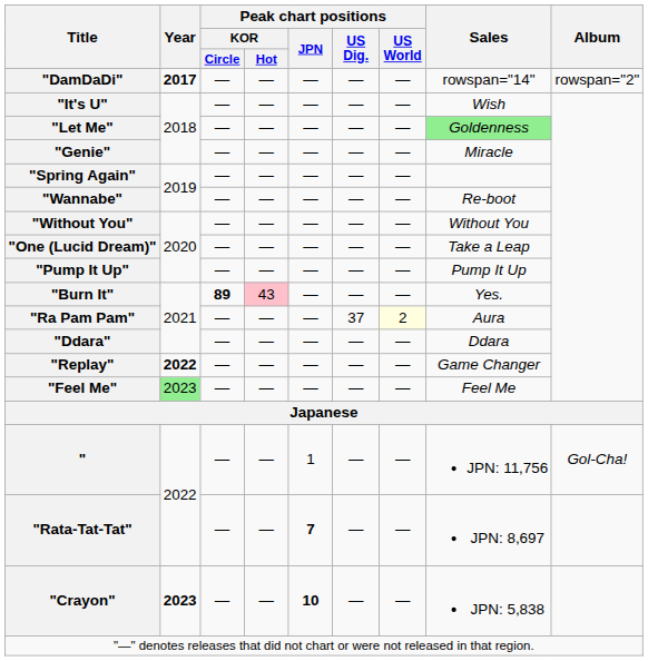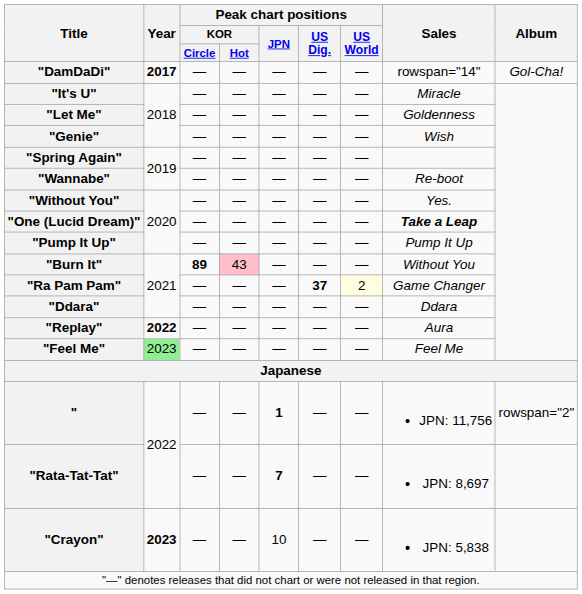 <table class="wikitable plainrowheaders" style="text-align:center">
 <tr>
 <th scope="col" rowspan="3">Title</th>
 <th scope="col" rowspan="3">Year</th>
 <th scope="col" colspan="5">Peak chart positions</th>
 <th scope="col" rowspan="3">Sales</th>
 <th scope="col" rowspan="3">Album</th>
 </tr>
 <tr>
 <th scope="col" colspan="2" style="width:3em;font-size:85%">KOR</th>
 <th scope="col" rowspan="2" style="width:3em;font-size:85%"><a href='#'>JPN</a><br></th>
 <th scope="col" rowspan="2" style="width:3em;font-size:90%"><a href='#'>US<br>Dig.</a><br></th>
 <th scope="col" rowspan="2" style="width:3em;font-size:90%"><a href='#'>US<br>World</a><br></th>
 </tr>
 <tr>
 <th scope="col" style="width:3em;font-size:85%"><a href='#'>Circle</a><br></th>
 <th scope="col" style="width:3em;font-size:85%"><a href='#'>Hot</a><br></th>
 </tr>
 <tr>
 <th scope="row">"DamDaDi" </th>
 <td><strong>2017</strong></td>
 <td>—</td>
 <td>—</td>
 <td>—</td>
 <td>—</td>
 <td>—</td>
 <td>rowspan="14" </td>
-<td>rowspan="2" </td>
+<td><em>Gol-Cha! </em></td>
 </tr>
 <tr>
 <th scope="row">"It's U" </th>
 <td rowspan="3">2018</td>
 <td>—</td>
 <td>—</td>
 <td>—</td>
 <td>—</td>
 <td>—</td>
-<td><em>Wish</em></td>
+<td><em>Miracle</em></td>
 </tr>
 <tr>
 <th scope="row">"Let Me"</th>
 <td>—</td>
 <td>—</td>
 <td>—</td>
 <td>—</td>
 <td>—</td>
-<td style="background: lightgreen;"><em>Goldenness</em></td>
+<td><em>Goldenness</em></td>
 </tr>
 <tr>
 <th scope="row">"Genie"</th>
 <td>—</td>
 <td>—</td>
 <td>—</td>
 <td>—</td>
 <td>—</td>
-<td><em>Miracle</em></td>
+<td><em>Wish</em></td>
 </tr>
 <tr>
 <th scope="row">"Spring Again" </th>
 <td rowspan="2">2019</td>
 <td>—</td>
 <td>—</td>
 <td>—</td>
 <td>—</td>
 <td>—</td>
 <td></td>
 </tr>
 <tr>
 <th scope="row">"Wannabe"</th>
 <td>—</td>
 <td>—</td>
 <td>—</td>
 <td>—</td>
 <td>—</td>
 <td><em>Re-boot</em></td>
 </tr>
 <tr>
 <th scope="row">"Without You"</th>
 <td rowspan="3">2020</td>
 <td>—</td>
 <td>—</td>
 <td>—</td>
 <td>—</td>
 <td>—</td>
-<td><em>Without You</em></td>
+<td><em>Yes.</em></td>
 </tr>
 <tr>
 <th scope="row">"One (Lucid Dream)"</th>
 <td>—</td>
 <td>—</td>
 <td>—</td>
 <td>—</td>
 <td>—</td>
-<td><em>Take a Leap</em></td>
+<td><strong><em>Take a Leap</em></strong></td>
 </tr>
 <tr>
 <th scope="row">"Pump It Up"</th>
 <td>—</td>
 <td>—</td>
 <td>—</td>
 <td>—</td>
 <td>—</td>
 <td><em>Pump It Up</em></td>
 </tr>
 <tr>
 <th scope="row">"Burn It" </th>
 <td rowspan="3">2021</td>
 <td><strong>89</strong></td>
 <td style="background: pink;">43</td>
 <td>—</td>
 <td>—</td>
 <td>—</td>
-<td><em>Yes.</em></td>
+<td><em>Without You</em></td>
 </tr>
 <tr>
 <th scope="row">"Ra Pam Pam"</th>
 <td>—</td>
 <td>—</td>
 <td>—</td>
-<td>37</td>
+<td><strong>37</strong></td>
 <td style="background: lightyellow;">2</td>
-<td><em>Aura</em></td>
+<td><em>Game Changer</em></td>
 </tr>
 <tr>
 <th scope="row">"Ddara"</th>
 <td>—</td>
 <td>—</td>
 <td>—</td>
 <td>—</td>
 <td>—</td>
 <td><em>Ddara</em></td>
 </tr>
 <tr>
 <th scope="row">"Replay"</th>
 <td><strong>2022</strong></td>
 <td>—</td>
 <td>—</td>
 <td>—</td>
 <td>—</td>
 <td>—</td>
-<td><em>Game Changer</em></td>
+<td><em>Aura</em></td>
 </tr>
 <tr>
 <th scope="row">"Feel Me"</th>
 <td style="background: lightgreen;">2023</td>
 <td>—</td>
 <td>—</td>
 <td>—</td>
 <td>—</td>
 <td>—</td>
 <td><em>Feel Me</em></td>
 </tr>
 <tr>
 <th colspan="9">Japanese</th>
 </tr>
 <tr>
 <th scope="row">"</th>
 <td rowspan="2">2022</td>
 <td>—</td>
 <td>—</td>
-<td>1</td>
+<td><strong>1</strong></td>
 <td>—</td>
 <td>—</td>
 <td><br><ul><li>JPN: 11,756 </li></ul></td>
-<td><em>Gol-Cha! </em></td>
+<td>rowspan="2" </td>
 </tr>
 <tr>
 <th scope="row">"Rata-Tat-Tat"</th>
 <td>—</td>
 <td>—</td>
 <td><strong>7</strong></td>
 <td>—</td>
 <td>—</td>
 <td><br><ul><li>JPN: 8,697 </li></ul></td>
 </tr>
 <tr>
 <th scope="row">"Crayon"</th>
 <td><strong>2023</strong></td>
 <td>—</td>
 <td>—</td>
-<td><strong>10</strong></td>
+<td>10</td>
 <td>—</td>
 <td>—</td>
 <td><br><ul><li>JPN: 5,838 </li></ul></td>
 <td></td>
 </tr>
 <tr>
 <td colspan="9" style="font-size:85%">"—" denotes releases that did not chart or were not released in that region.</td>
 </tr>
 </table>
